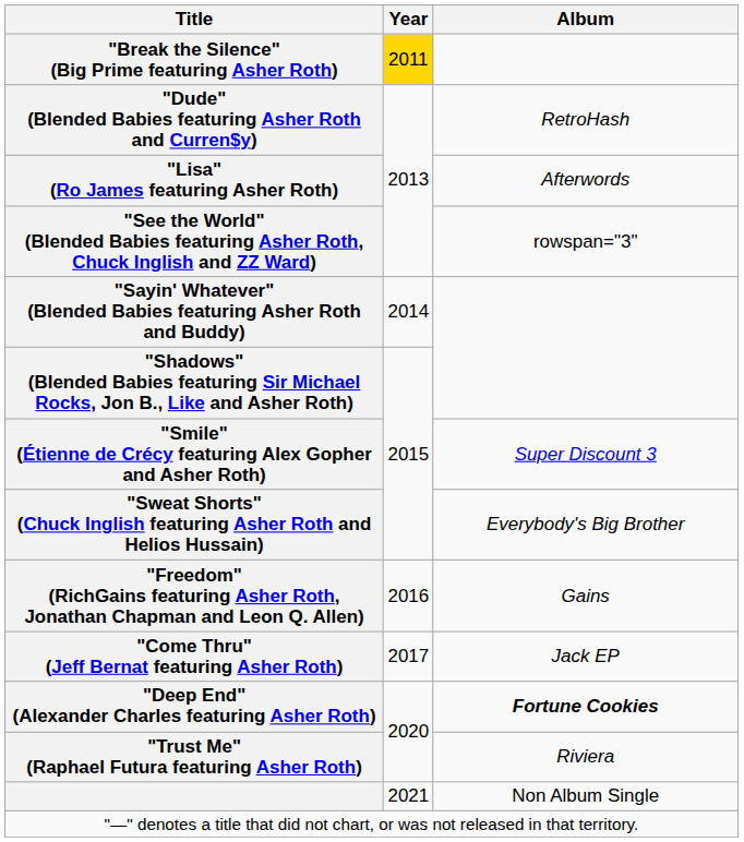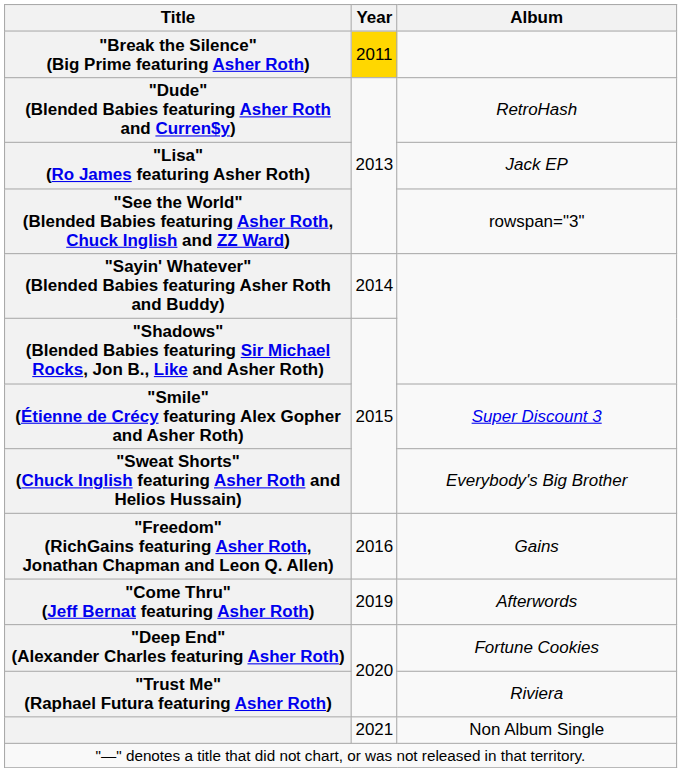 <table class="wikitable plainrowheaders" style="text-align:center;">
 <tr>
 <th scope="col" style="width:20em;">Title</th>
 <th scope="col">Year</th>
 <th scope="col" style="width:16em;">Album</th>
 </tr>
 <tr>
 <th scope="row">"Break the Silence"<br><span>(Big Prime featuring <a href='#'>Asher Roth</a>)</span></th>
 <td style="background: gold;">2011</td>
 <td></td>
 </tr>
 <tr>
 <th scope="row">"Dude"<br><span>(Blended Babies featuring <a href='#'>Asher Roth</a> and <a href='#'>Curren$y</a>)</span></th>
 <td rowspan="3">2013</td>
 <td><em>RetroHash</em></td>
 </tr>
 <tr>
 <th scope="row">"Lisa"<br><span>(<a href='#'>Ro James</a> featuring Asher Roth)</span></th>
-<td><em>Afterwords</em></td>
+<td><em>Jack EP</em></td>
 </tr>
 <tr>
 <th scope="row">"See the World"<br><span>(Blended Babies featuring <a href='#'>Asher Roth</a>, <a href='#'>Chuck Inglish</a> and <a href='#'>ZZ Ward</a>)</span></th>
 <td>rowspan="3" </td>
 </tr>
 <tr>
 <th scope="row">"Sayin' Whatever"<br><span>(Blended Babies featuring Asher Roth and Buddy)</span></th>
 <td>2014</td>
 </tr>
 <tr>
 <th scope="row">"Shadows"<br><span>(Blended Babies featuring <a href='#'>Sir Michael Rocks</a>, Jon B., <a href='#'>Like</a> and Asher Roth)</span></th>
 <td rowspan="3">2015</td>
 </tr>
 <tr>
 <th scope="row">"Smile"<br><span>(<a href='#'>Étienne de Crécy</a> featuring Alex Gopher and Asher Roth)</span></th>
 <td><em><a href='#'>Super Discount 3</a></em></td>
 </tr>
 <tr>
 <th scope="row">"Sweat Shorts"<br><span>(<a href='#'>Chuck Inglish</a> featuring <a href='#'>Asher Roth</a> and Helios Hussain)</span></th>
 <td><em>Everybody's Big Brother</em></td>
 </tr>
 <tr>
 <th scope="row">"Freedom"<br><span>(RichGains featuring <a href='#'>Asher Roth</a>, Jonathan Chapman and Leon Q. Allen)</span></th>
 <td>2016</td>
 <td><em>Gains</em></td>
 </tr>
 <tr>
 <th scope="row">"Come Thru"<br><span>(<a href='#'>Jeff Bernat</a> featuring <a href='#'>Asher Roth</a>)</span></th>
-<td>2017</td>
-<td><em>Jack EP</em></td>
+<td>2019</td>
+<td><em>Afterwords</em></td>
 </tr>
 <tr>
 <th scope="row">"Deep End"<br><span>(Alexander Charles featuring <a href='#'>Asher Roth</a>)</span></th>
 <td rowspan="2">2020</td>
-<td><strong><em>Fortune Cookies</em></strong></td>
+<td><em>Fortune Cookies</em></td>
 </tr>
 <tr>
 <th scope="row">"Trust Me"<br><span>(Raphael Futura featuring <a href='#'>Asher Roth</a>)</span></th>
 <td><em>Riviera</em></td>
 </tr>
 <tr>
 <th><br></th>
 <td>2021</td>
 <td>Non Album Single</td>
 </tr>
 <tr>
 <td colspan="10" style="font-size:90%">"—" denotes a title that did not chart, or was not released in that territory.</td>
 </tr>
 </table>
